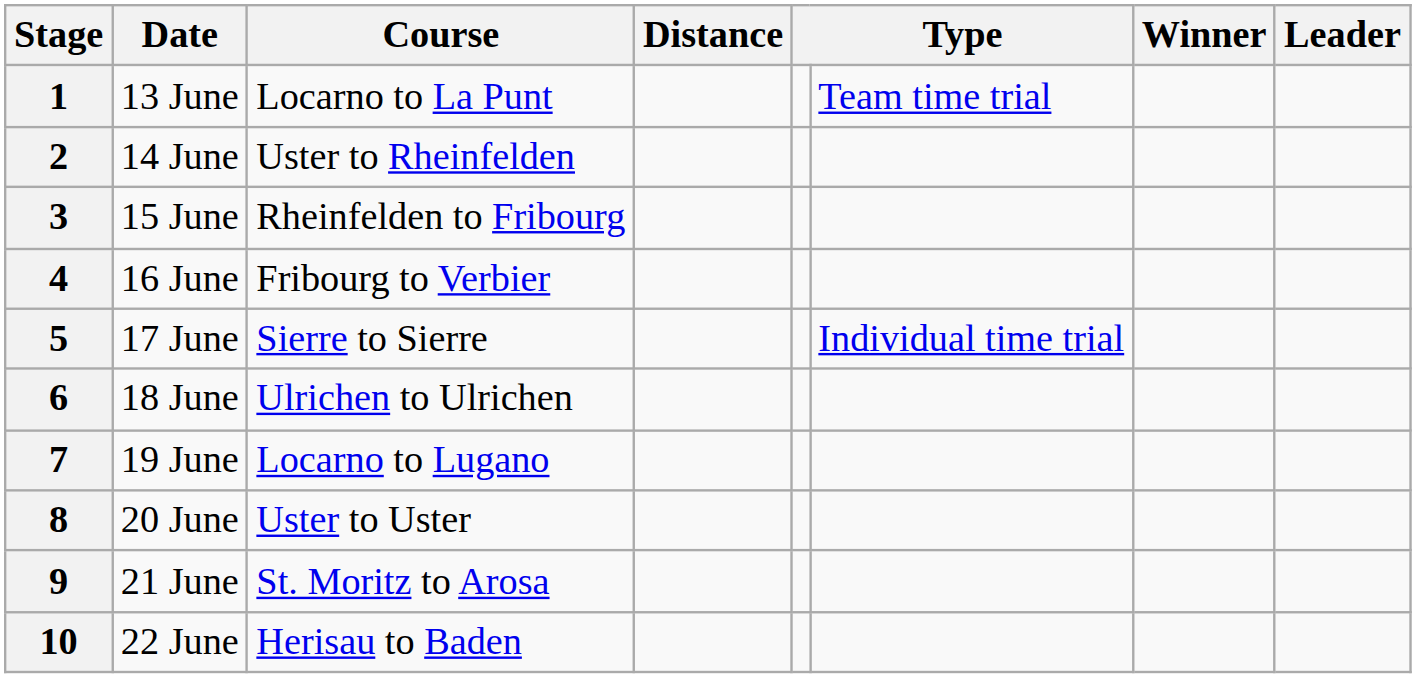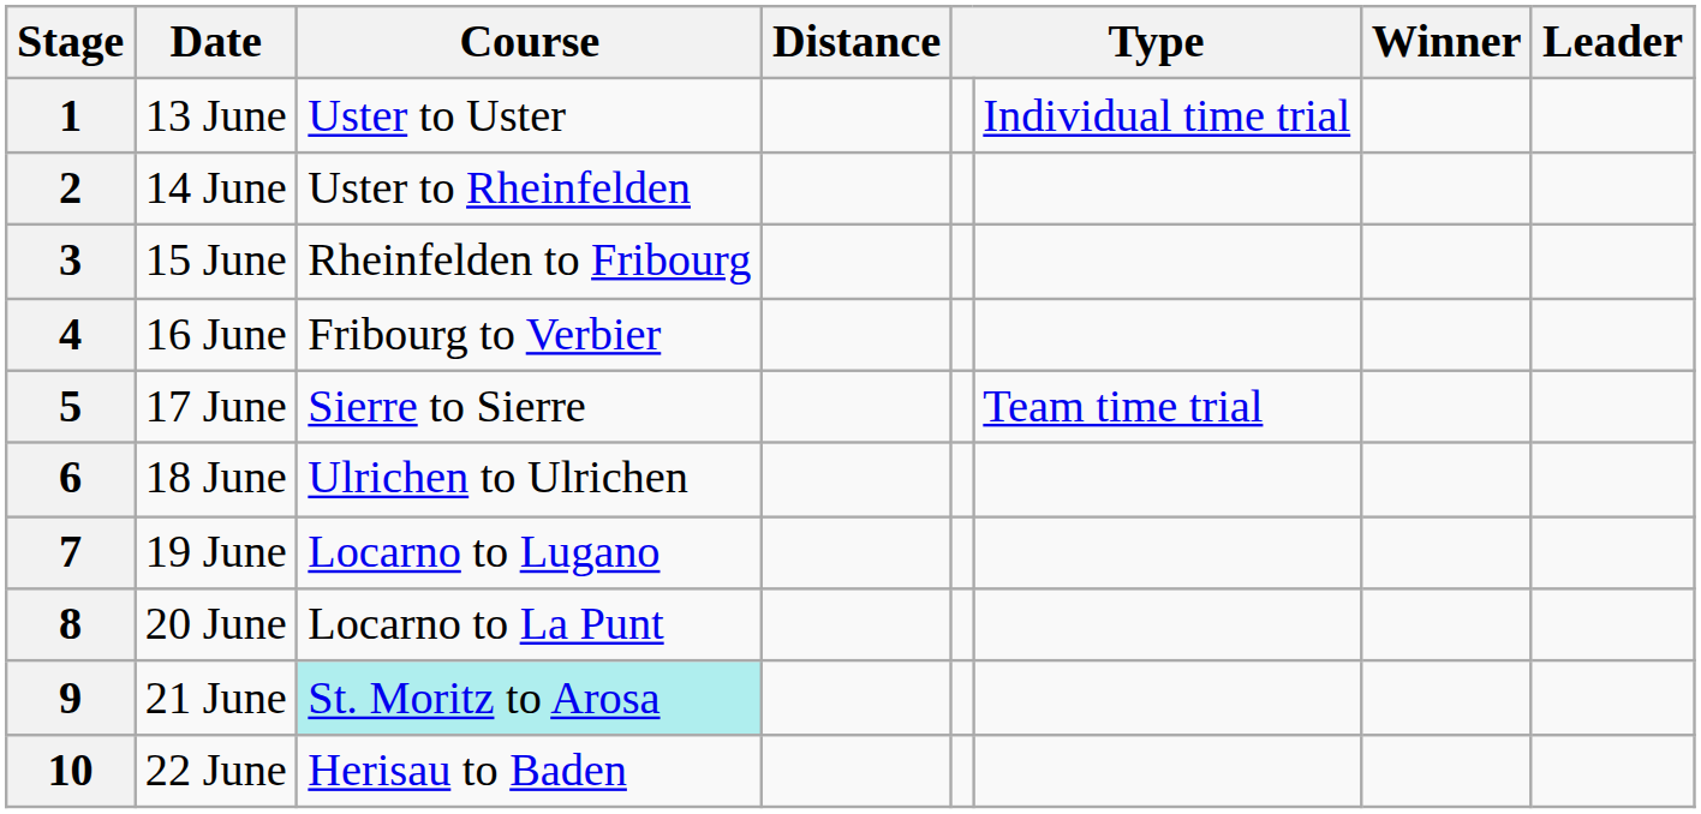 <table class="wikitable">
 <tr>
 <th scope="col">Stage</th>
 <th scope="col">Date</th>
 <th scope="col">Course</th>
 <th scope="col">Distance</th>
 <th scope="col" colspan="2">Type</th>
 <th scope="col">Winner</th>
 <th>Leader</th>
 </tr>
 <tr>
 <th scope="row">1</th>
 <td style="text-align:right;">13 June</td>
-<td>Locarno to <a href='#'>La Punt</a></td>
+<td><a href='#'>Uster</a> to Uster</td>
 <td></td>
 <td></td>
-<td><a href='#'>Team time trial</a></td>
+<td><a href='#'>Individual time trial</a></td>
 <td></td>
 <td></td>
 </tr>
 <tr>
 <th scope="row">2</th>
 <td style="text-align:right;">14 June</td>
 <td>Uster to <a href='#'>Rheinfelden</a></td>
 <td></td>
 <td></td>
 <td></td>
 <td></td>
 <td></td>
 </tr>
 <tr>
 <th scope="row">3</th>
 <td style="text-align:right;">15 June</td>
 <td>Rheinfelden to <a href='#'>Fribourg</a></td>
 <td></td>
 <td></td>
 <td></td>
 <td></td>
 <td></td>
 </tr>
 <tr>
 <th scope="row">4</th>
 <td style="text-align:right;">16 June</td>
 <td>Fribourg to <a href='#'>Verbier</a></td>
 <td></td>
 <td></td>
 <td></td>
 <td></td>
 <td></td>
 </tr>
 <tr>
 <th scope="row">5</th>
 <td style="text-align:right;">17 June</td>
 <td><a href='#'>Sierre</a> to Sierre</td>
 <td></td>
 <td></td>
-<td><a href='#'>Individual time trial</a></td>
+<td><a href='#'>Team time trial</a></td>
 <td></td>
 <td></td>
 </tr>
 <tr>
 <th scope="row">6</th>
 <td style="text-align:right;">18 June</td>
 <td><a href='#'>Ulrichen</a> to Ulrichen</td>
 <td></td>
 <td></td>
 <td></td>
 <td></td>
 <td></td>
 </tr>
 <tr>
 <th scope="row">7</th>
 <td style="text-align:right;">19 June</td>
 <td><a href='#'>Locarno</a> to <a href='#'>Lugano</a></td>
 <td></td>
 <td></td>
 <td></td>
 <td></td>
 <td></td>
 </tr>
 <tr>
 <th scope="row">8</th>
 <td style="text-align:right;">20 June</td>
-<td><a href='#'>Uster</a> to Uster</td>
+<td>Locarno to <a href='#'>La Punt</a></td>
 <td></td>
 <td></td>
 <td></td>
 <td></td>
 <td></td>
 </tr>
 <tr>
 <th scope="row">9</th>
 <td style="text-align:right;">21 June</td>
-<td><a href='#'>St. Moritz</a> to <a href='#'>Arosa</a></td>
+<td style="background: paleturquoise;"><a href='#'>St. Moritz</a> to <a href='#'>Arosa</a></td>
 <td></td>
 <td></td>
 <td></td>
 <td></td>
 <td></td>
 </tr>
 <tr>
 <th scope="row">10</th>
 <td style="text-align:right;">22 June</td>
 <td><a href='#'>Herisau</a> to <a href='#'>Baden</a></td>
 <td></td>
 <td></td>
 <td></td>
 <td></td>
 <td></td>
 </tr>
 </table>
